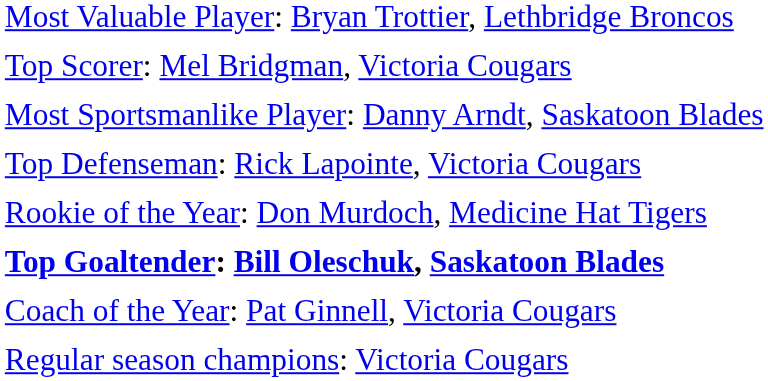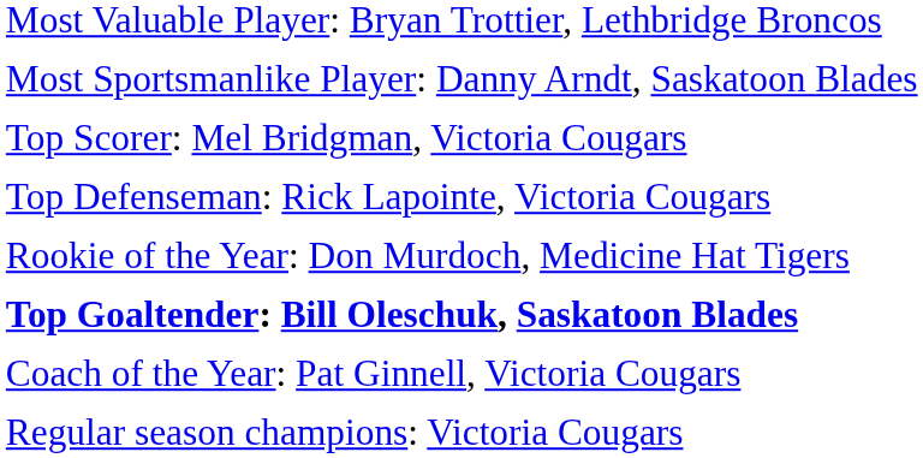 <table cellpadding="3" cellspacing="1">
 <tr>
 <td><a href='#'>Most Valuable Player</a>: <a href='#'>Bryan Trottier</a>, <a href='#'>Lethbridge Broncos</a></td>
 </tr>
 <tr>
-<td><a href='#'>Top Scorer</a>: <a href='#'>Mel Bridgman</a>, <a href='#'>Victoria Cougars</a></td>
+<td><a href='#'>Most Sportsmanlike Player</a>: <a href='#'>Danny Arndt</a>, <a href='#'>Saskatoon Blades</a></td>
 </tr>
 <tr>
-<td><a href='#'>Most Sportsmanlike Player</a>: <a href='#'>Danny Arndt</a>, <a href='#'>Saskatoon Blades</a></td>
+<td><a href='#'>Top Scorer</a>: <a href='#'>Mel Bridgman</a>, <a href='#'>Victoria Cougars</a></td>
 </tr>
 <tr>
 <td><a href='#'>Top Defenseman</a>: <a href='#'>Rick Lapointe</a>, <a href='#'>Victoria Cougars</a></td>
 </tr>
 <tr>
 <td><a href='#'>Rookie of the Year</a>: <a href='#'>Don Murdoch</a>, <a href='#'>Medicine Hat Tigers</a></td>
 </tr>
 <tr>
 <td><strong><a href='#'>Top Goaltender</a>: <a href='#'>Bill Oleschuk</a>, <a href='#'>Saskatoon Blades</a></strong></td>
 </tr>
 <tr>
 <td><a href='#'>Coach of the Year</a>: <a href='#'>Pat Ginnell</a>, <a href='#'>Victoria Cougars</a></td>
 </tr>
 <tr>
 <td><a href='#'>Regular season champions</a>: <a href='#'>Victoria Cougars</a></td>
 </tr>
 </table>
